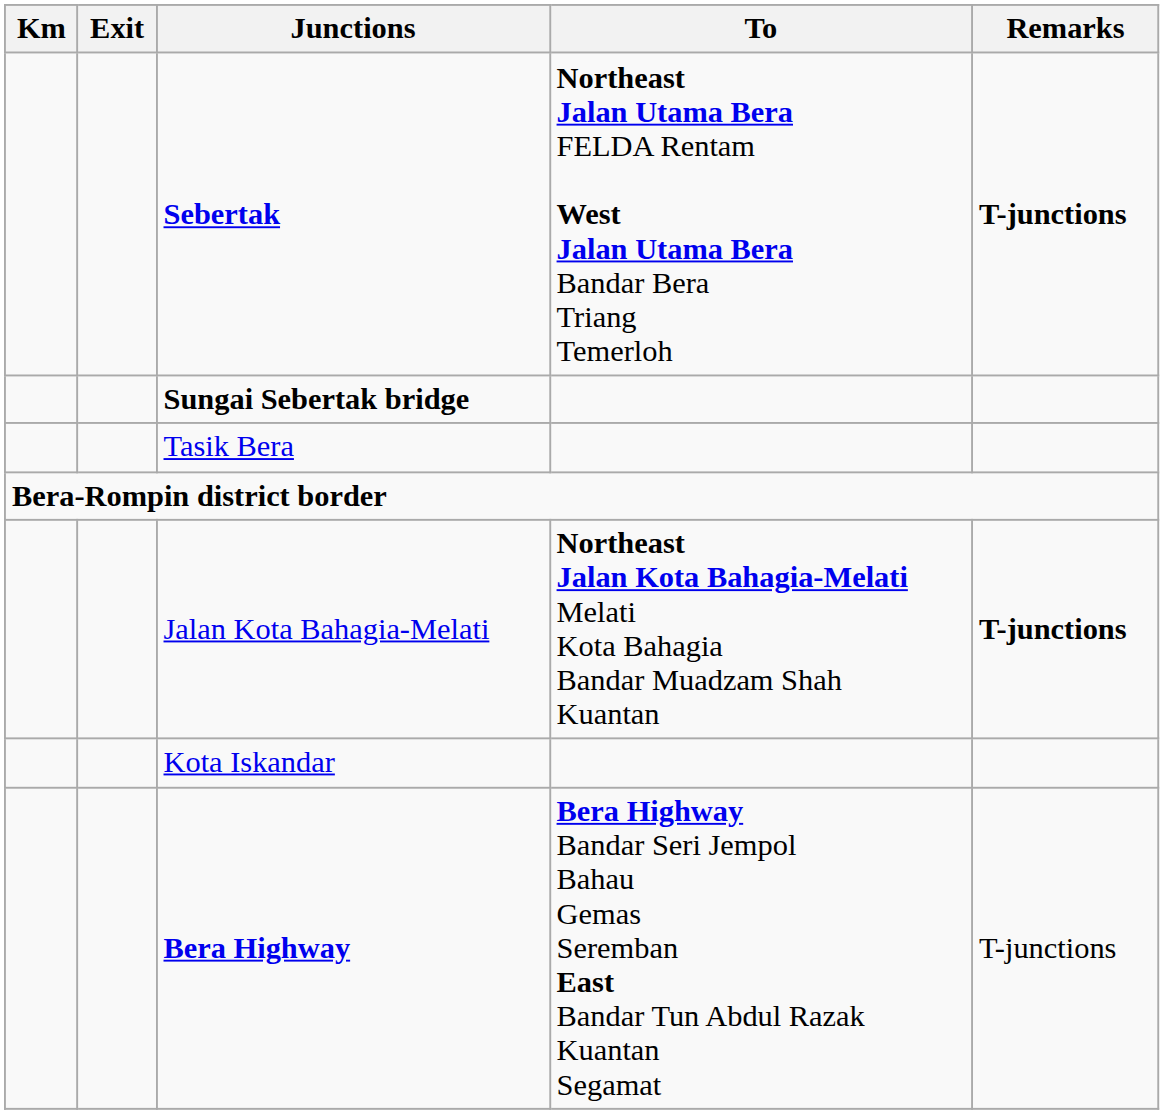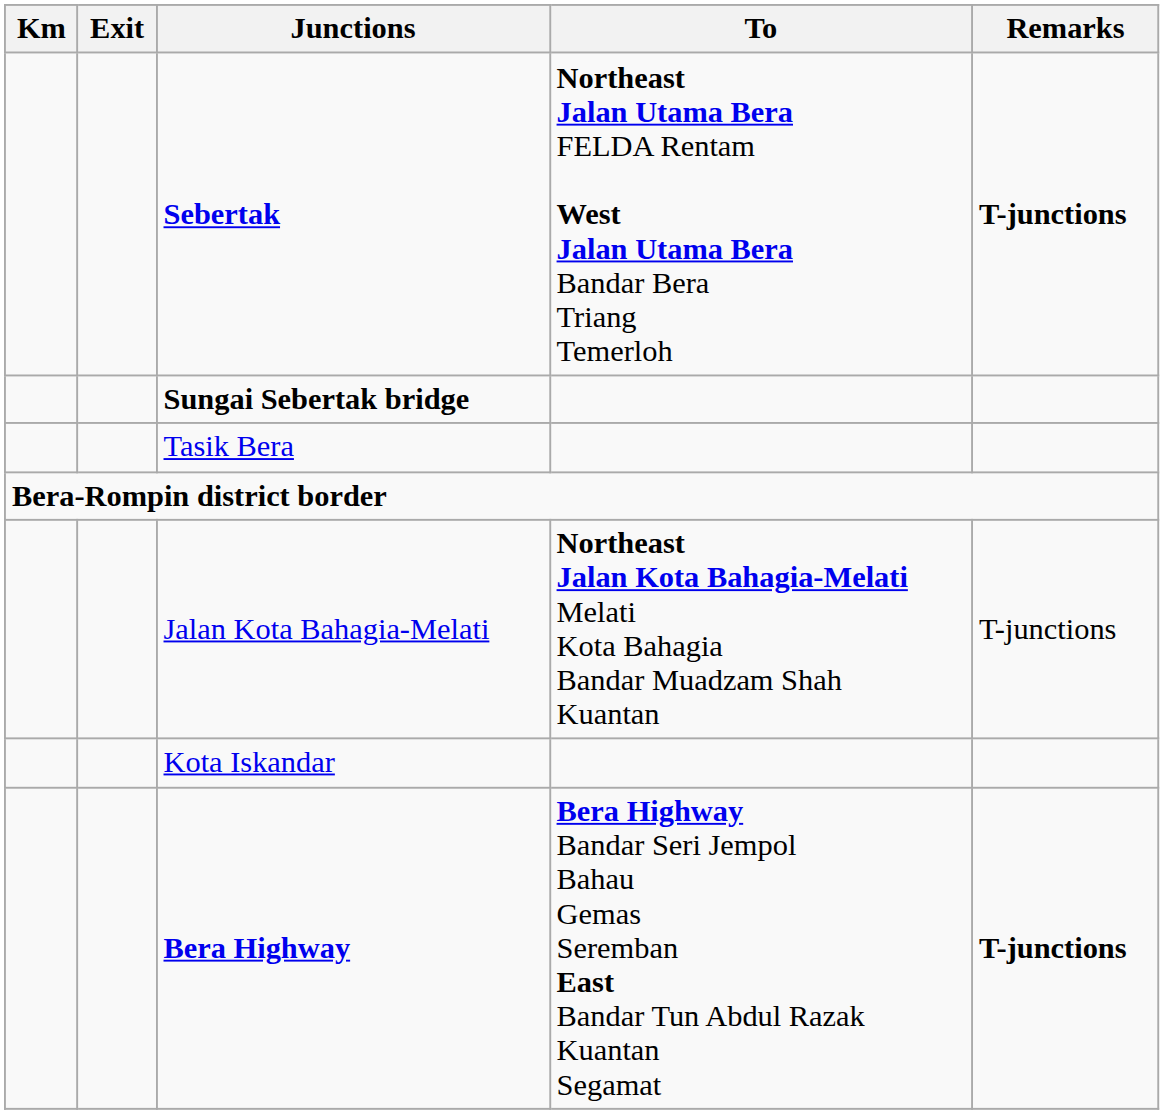 <table class="wikitable">
 <tr>
 <th>Km</th>
 <th>Exit</th>
 <th>Junctions</th>
 <th>To</th>
 <th>Remarks</th>
 </tr>
 <tr>
 <td></td>
 <td></td>
 <td><strong><a href='#'>Sebertak</a></strong></td>
 <td><strong>Northeast</strong><br> <strong><a href='#'>Jalan Utama Bera</a></strong><br>FELDA Rentam<br><br><strong>West</strong><br> <strong><a href='#'>Jalan Utama Bera</a></strong><br>Bandar Bera<br>Triang<br>Temerloh</td>
 <td><strong>T-junctions</strong></td>
 </tr>
 <tr>
 <td></td>
 <td></td>
 <td><strong>Sungai Sebertak bridge</strong></td>
 <td></td>
 <td></td>
 </tr>
 <tr>
 <td></td>
 <td></td>
 <td><a href='#'>Tasik Bera</a></td>
 <td>  </td>
 </tr>
 <tr>
 <td style="width:600px" colspan="6" style="text-align:center; background:blue;"><strong><span>Bera-Rompin district border</span></strong></td>
 </tr>
 <tr>
 <td></td>
 <td></td>
 <td><a href='#'>Jalan Kota Bahagia-Melati</a></td>
 <td><strong>Northeast</strong><br> <strong><a href='#'>Jalan Kota Bahagia-Melati</a></strong><br>Melati<br>Kota Bahagia<br>Bandar Muadzam Shah<br>Kuantan</td>
-<td><strong>T-junctions</strong></td>
+<td>T-junctions</td>
 </tr>
 <tr>
 <td></td>
 <td></td>
 <td><a href='#'>Kota Iskandar</a></td>
 <td></td>
 <td></td>
 </tr>
 <tr>
 <td></td>
 <td></td>
 <td><strong><a href='#'>Bera Highway</a></strong></td>
 <td> <strong><a href='#'>Bera Highway</a></strong><br>Bandar Seri Jempol<br>Bahau<br>Gemas<br>Seremban<br><strong>East</strong><br>Bandar Tun Abdul Razak<br>Kuantan<br>Segamat</td>
-<td>T-junctions</td>
+<td><strong>T-junctions</strong></td>
 </tr>
 </table>
